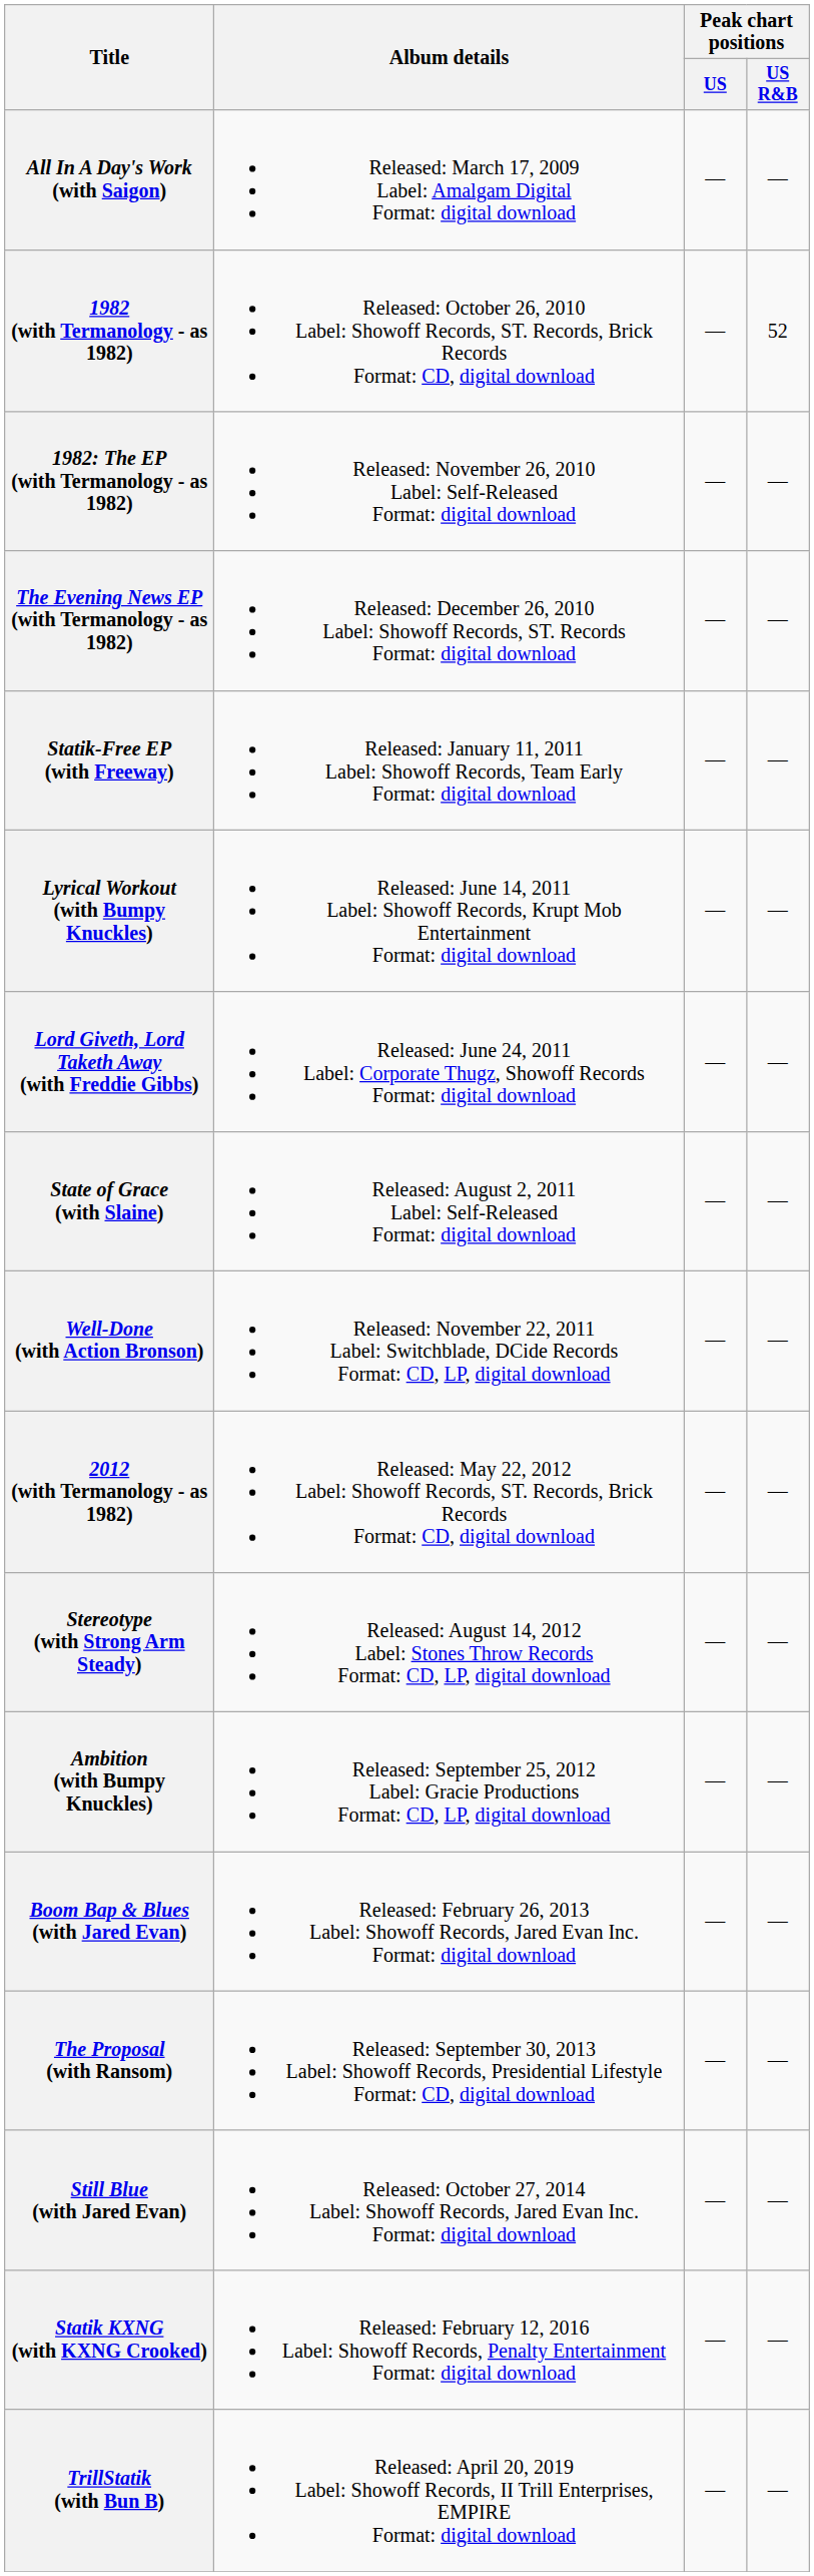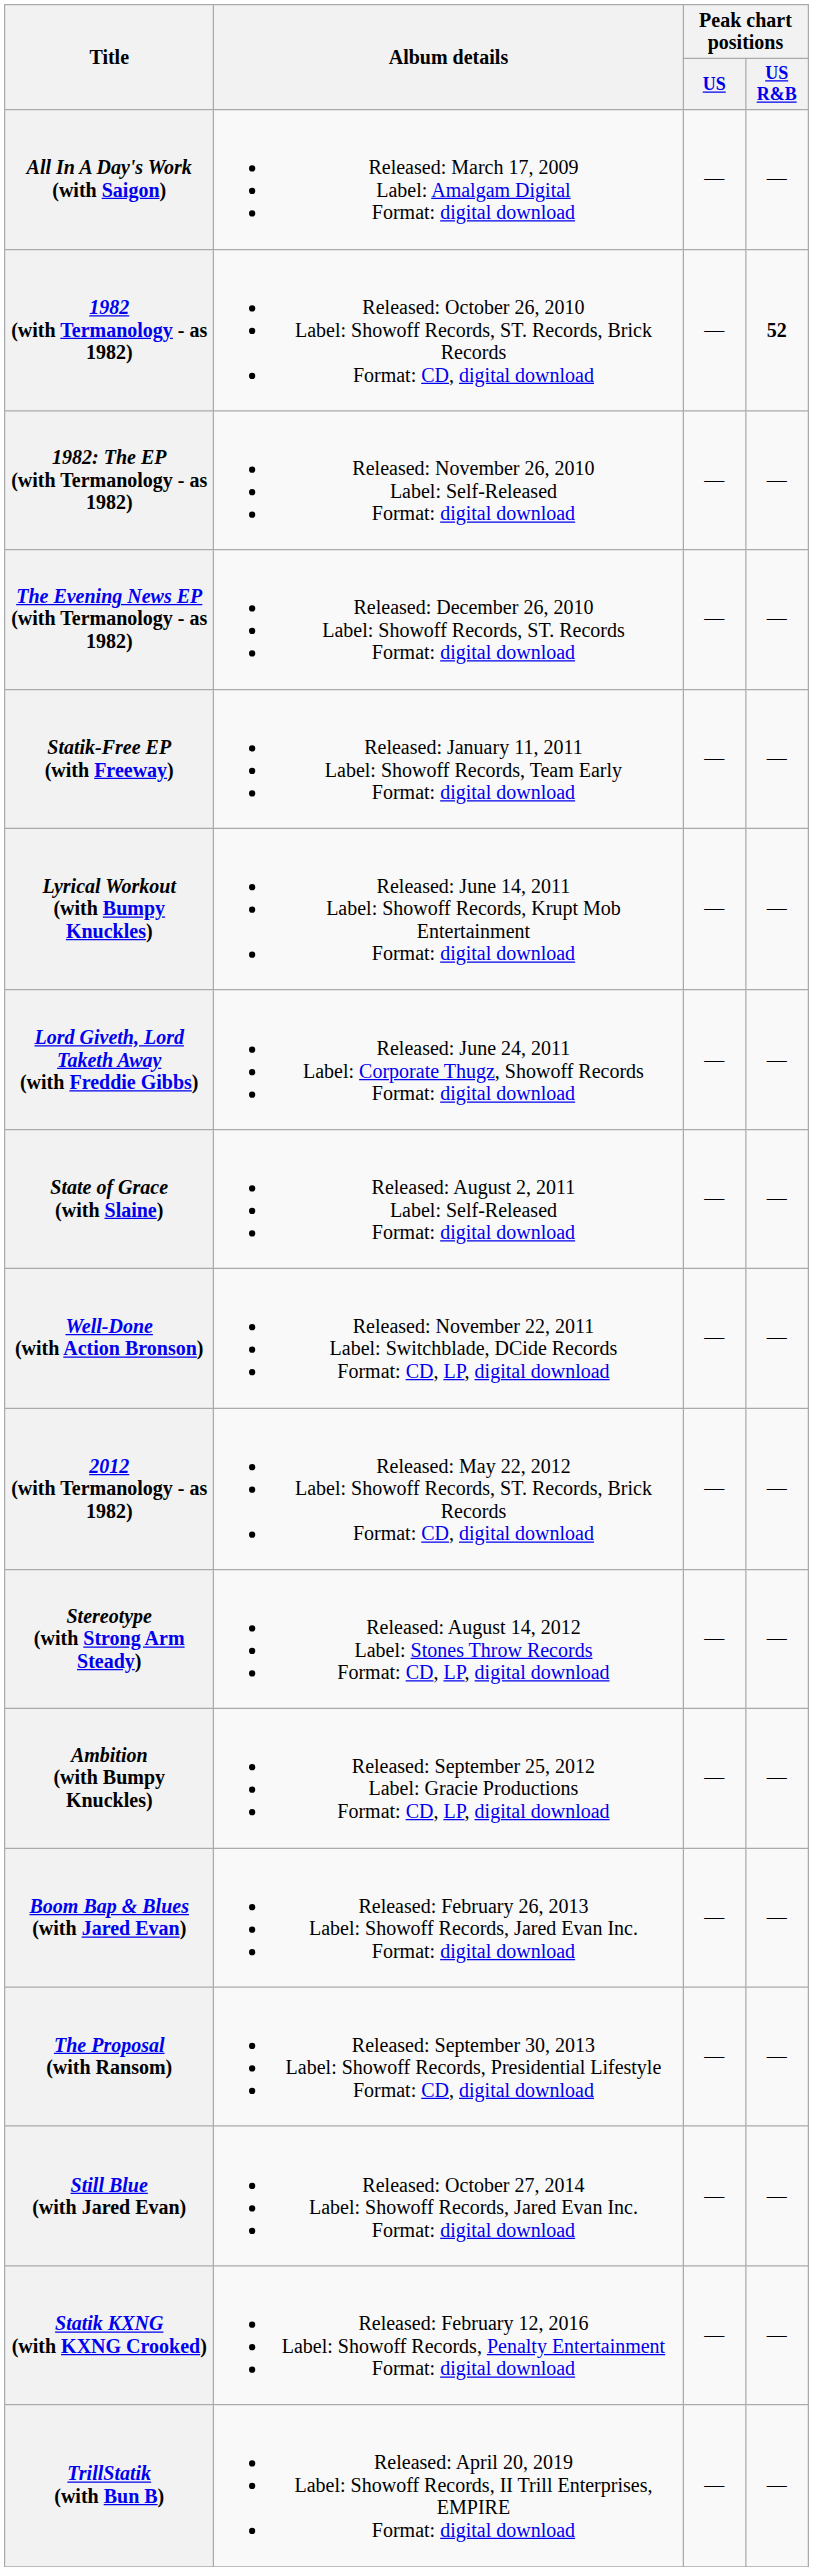 <table class="wikitable plainrowheaders" style="text-align:center;">
 <tr>
 <th scope="col" rowspan="2" style="width:10em;">Title</th>
 <th scope="col" rowspan="2" style="width:23em;">Album details</th>
 <th scope="col" colspan="5">Peak chart positions</th>
 </tr>
 <tr>
 <th scope="col" style="width:3em;font-size:90%;"><a href='#'>US</a><br></th>
 <th scope="col" style="width:3em;font-size:90%;"><a href='#'>US<br>R&B</a><br></th>
 </tr>
 <tr>
 <th scope="row"><em>All In A Day's Work</em><br><span>(with <a href='#'>Saigon</a>)</span></th>
 <td><br><ul><li>Released: March 17, 2009</li><li>Label: <a href='#'>Amalgam Digital</a></li><li>Format: <a href='#'>digital download</a></li></ul></td>
 <td>—</td>
 <td>—</td>
 </tr>
 <tr>
 <th scope="row"><em><a href='#'>1982</a></em><br><span>(with <a href='#'>Termanology</a> - as 1982)</span></th>
 <td><br><ul><li>Released: October 26, 2010</li><li>Label: Showoff Records, ST. Records, Brick Records</li><li>Format: <a href='#'>CD</a>, <a href='#'>digital download</a></li></ul></td>
 <td>—</td>
-<td>52</td>
+<td><strong>52</strong></td>
 </tr>
 <tr>
 <th scope="row"><em>1982: The EP</em><br><span>(with Termanology - as 1982)</span></th>
 <td><br><ul><li>Released: November 26, 2010</li><li>Label: Self-Released</li><li>Format: <a href='#'>digital download</a></li></ul></td>
 <td>—</td>
 <td>—</td>
 </tr>
 <tr>
 <th scope="row"><em><a href='#'>The Evening News EP</a></em><br><span>(with Termanology - as 1982)</span></th>
 <td><br><ul><li>Released: December 26, 2010</li><li>Label: Showoff Records, ST. Records</li><li>Format: <a href='#'>digital download</a></li></ul></td>
 <td>—</td>
 <td>—</td>
 </tr>
 <tr>
 <th scope="row"><em>Statik-Free EP</em><br><span>(with <a href='#'>Freeway</a>)</span></th>
 <td><br><ul><li>Released: January 11, 2011</li><li>Label: Showoff Records, Team Early</li><li>Format: <a href='#'>digital download</a></li></ul></td>
 <td>—</td>
 <td>—</td>
 </tr>
 <tr>
 <th scope="row"><em>Lyrical Workout</em><br><span>(with <a href='#'>Bumpy Knuckles</a>)</span></th>
 <td><br><ul><li>Released: June 14, 2011</li><li>Label: Showoff Records, Krupt Mob Entertainment</li><li>Format: <a href='#'>digital download</a></li></ul></td>
 <td>—</td>
 <td>—</td>
 </tr>
 <tr>
 <th scope="row"><em><a href='#'>Lord Giveth, Lord Taketh Away</a></em><br><span>(with <a href='#'>Freddie Gibbs</a>)</span></th>
 <td><br><ul><li>Released: June 24, 2011</li><li>Label: <a href='#'>Corporate Thugz</a>, Showoff Records</li><li>Format: <a href='#'>digital download</a></li></ul></td>
 <td>—</td>
 <td>—</td>
 </tr>
 <tr>
 <th scope="row"><em>State of Grace</em><br><span>(with <a href='#'>Slaine</a>)</span></th>
 <td><br><ul><li>Released: August 2, 2011</li><li>Label: Self-Released</li><li>Format: <a href='#'>digital download</a></li></ul></td>
 <td>—</td>
 <td>—</td>
 </tr>
 <tr>
 <th scope="row"><em><a href='#'>Well-Done</a></em><br><span>(with <a href='#'>Action Bronson</a>)</span></th>
 <td><br><ul><li>Released: November 22, 2011</li><li>Label: Switchblade, DCide Records</li><li>Format: <a href='#'>CD</a>, <a href='#'>LP</a>, <a href='#'>digital download</a></li></ul></td>
 <td>—</td>
 <td>—</td>
 </tr>
 <tr>
 <th scope="row"><em><a href='#'>2012</a></em><br><span>(with Termanology - as 1982)</span></th>
 <td><br><ul><li>Released: May 22, 2012</li><li>Label: Showoff Records, ST. Records, Brick Records</li><li>Format: <a href='#'>CD</a>, <a href='#'>digital download</a></li></ul></td>
 <td>—</td>
 <td>—</td>
 </tr>
 <tr>
 <th scope="row"><em>Stereotype</em><br><span>(with <a href='#'>Strong Arm Steady</a>)</span></th>
 <td><br><ul><li>Released: August 14, 2012</li><li>Label: <a href='#'>Stones Throw Records</a></li><li>Format: <a href='#'>CD</a>, <a href='#'>LP</a>, <a href='#'>digital download</a></li></ul></td>
 <td>—</td>
 <td>—</td>
 </tr>
 <tr>
 <th scope="row"><em>Ambition</em><br><span>(with Bumpy Knuckles)</span></th>
 <td><br><ul><li>Released: September 25, 2012</li><li>Label: Gracie Productions</li><li>Format: <a href='#'>CD</a>, <a href='#'>LP</a>, <a href='#'>digital download</a></li></ul></td>
 <td>—</td>
 <td>—</td>
 </tr>
 <tr>
 <th scope="row"><em><a href='#'>Boom Bap & Blues</a></em><br><span>(with <a href='#'>Jared Evan</a>)</span></th>
 <td><br><ul><li>Released: February 26, 2013</li><li>Label: Showoff Records, Jared Evan Inc.</li><li>Format: <a href='#'>digital download</a></li></ul></td>
 <td>—</td>
 <td>—</td>
 </tr>
 <tr>
 <th scope="row"><em><a href='#'>The Proposal</a></em><br><span>(with Ransom)</span></th>
 <td><br><ul><li>Released: September 30, 2013</li><li>Label: Showoff Records, Presidential Lifestyle</li><li>Format: <a href='#'>CD</a>, <a href='#'>digital download</a></li></ul></td>
 <td>—</td>
 <td>—</td>
 </tr>
 <tr>
 <th scope="row"><em><a href='#'>Still Blue</a></em><br><span>(with Jared Evan)</span></th>
 <td><br><ul><li>Released: October 27, 2014</li><li>Label: Showoff Records, Jared Evan Inc.</li><li>Format: <a href='#'>digital download</a></li></ul></td>
 <td>—</td>
 <td>—</td>
 </tr>
 <tr>
 <th scope="row"><em><a href='#'>Statik KXNG</a></em><br><span>(with <a href='#'>KXNG Crooked</a>)</span></th>
 <td><br><ul><li>Released: February 12, 2016</li><li>Label: Showoff Records, <a href='#'>Penalty Entertainment</a></li><li>Format: <a href='#'>digital download</a></li></ul></td>
 <td>—</td>
 <td>—</td>
 </tr>
 <tr>
 <th scope="row"><em><a href='#'>TrillStatik</a></em><br><span>(with <a href='#'>Bun B</a>)</span></th>
 <td><br><ul><li>Released: April 20, 2019</li><li>Label: Showoff Records, II Trill Enterprises, EMPIRE</li><li>Format: <a href='#'>digital download</a></li></ul></td>
 <td>—</td>
 <td>—</td>
 </tr>
 <tr>
 </tr>
 </table>
